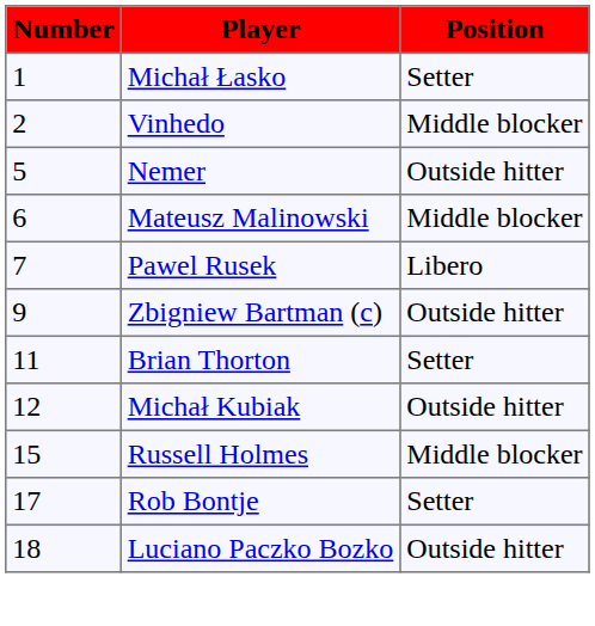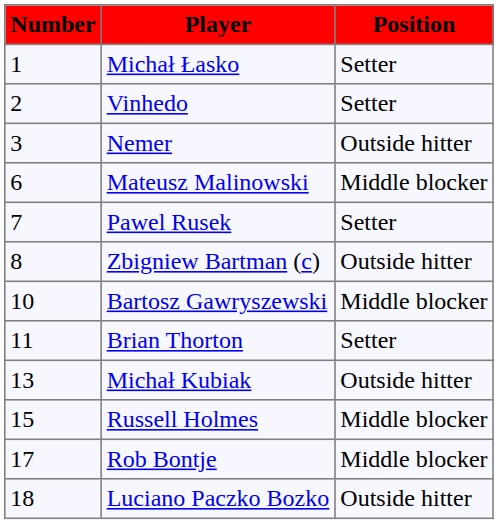 <table bgcolor="#f7f8ff" cellpadding="3" cellspacing="0" border="1" style="font-size: 95%; border: gray solid 1px; border-collapse: collapse;">
 <tr bgcolor="#ff0000">
 <td align=center><strong>Number</strong></td>
 <td align=center><strong>Player</strong></td>
 <td align=center><strong>Position</strong></td>
 </tr>
 <tr align="left">
 <td>1</td>
 <td> <a href='#'>Michał Łasko</a></td>
 <td>Setter</td>
 </tr>
 <tr align=left>
 <td>2</td>
 <td> <a href='#'>Vinhedo</a></td>
-<td>Middle blocker</td>
+<td>Setter</td>
 </tr>
 <tr align="left">
-<td>5</td>
+<td>3</td>
 <td> <a href='#'>Nemer</a></td>
 <td>Outside hitter</td>
 </tr>
 <tr align="left">
 <td>6</td>
 <td> <a href='#'>Mateusz Malinowski</a></td>
 <td>Middle blocker</td>
 </tr>
 <tr align="left">
 <td>7</td>
 <td> <a href='#'>Pawel Rusek</a></td>
-<td>Libero</td>
+<td>Setter</td>
 </tr>
 <tr align="left">
-<td>9</td>
+<td>8</td>
 <td> <a href='#'>Zbigniew Bartman</a> (<a href='#'>c</a>)</td>
 <td>Outside hitter</td>
+</tr>
+<tr align="left">
+<td>10</td>
+<td> <a href='#'>Bartosz Gawryszewski</a></td>
+<td>Middle blocker</td>
 </tr>
 <tr align="left">
 <td>11</td>
 <td> <a href='#'>Brian Thorton</a></td>
 <td>Setter</td>
 </tr>
 <tr align="left">
-<td>12</td>
+<td>13</td>
 <td> <a href='#'>Michał Kubiak</a></td>
 <td>Outside hitter</td>
 </tr>
 <tr align="left">
 <td>15</td>
 <td> <a href='#'>Russell Holmes</a></td>
 <td>Middle blocker</td>
 </tr>
 <tr align="left">
 <td>17</td>
 <td> <a href='#'>Rob Bontje</a></td>
-<td>Setter</td>
+<td>Middle blocker</td>
 </tr>
 <tr align="left">
 <td>18</td>
 <td> <a href='#'>Luciano Paczko Bozko</a></td>
 <td>Outside hitter</td>
 </tr>
 </table>
